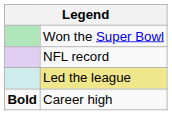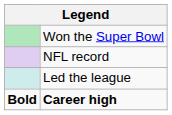 <table class="wikitable">
 <tr>
 <th colspan="2">Legend</th>
 </tr>
 <tr>
 <td style="background:#afe6ba;"></td>
 <td>Won the <a href='#'>Super Bowl</a></td>
 </tr>
 <tr>
 <td style="background:#e0cef2;"></td>
 <td>NFL record</td>
 </tr>
 <tr>
 <td style="background:#cfecec;"></td>
-<td style="background: khaki;">Led the league</td>
+<td>Led the league</td>
 </tr>
 <tr>
 <td><strong>Bold</strong></td>
-<td>Career high</td>
+<td><strong>Career high</strong></td>
 </tr>
 </table>
